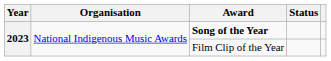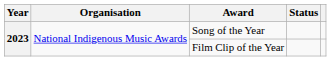 <table class="wikitable plainrowheaders">
 <tr>
 <th scope="col">Year</th>
 <th scope="col">Organisation</th>
 <th scope="col">Award</th>
 <th scope="col">Status</th>
 <th scope="col"></th>
 </tr>
 <tr>
 <th scope="row" rowspan="2">2023</th>
 <td rowspan="2"><a href='#'>National Indigenous Music Awards</a></td>
-<td><strong>Song of the Year</strong></td>
+<td>Song of the Year</td>
 <td></td>
 <td></td>
 </tr>
 <tr>
 <td>Film Clip of the Year</td>
 <td></td>
 <td></td>
 </tr>
 </table>
